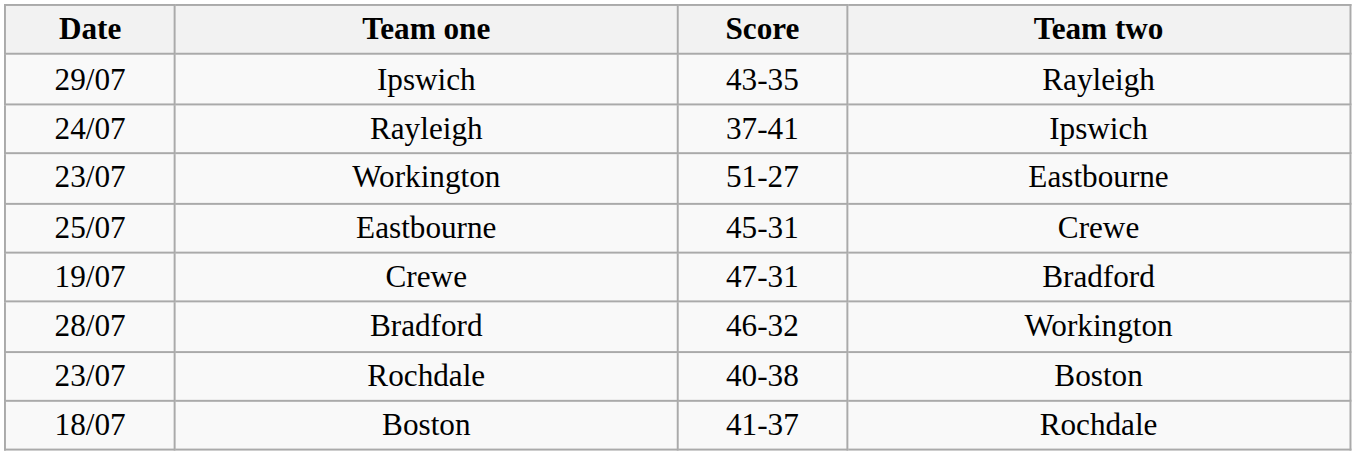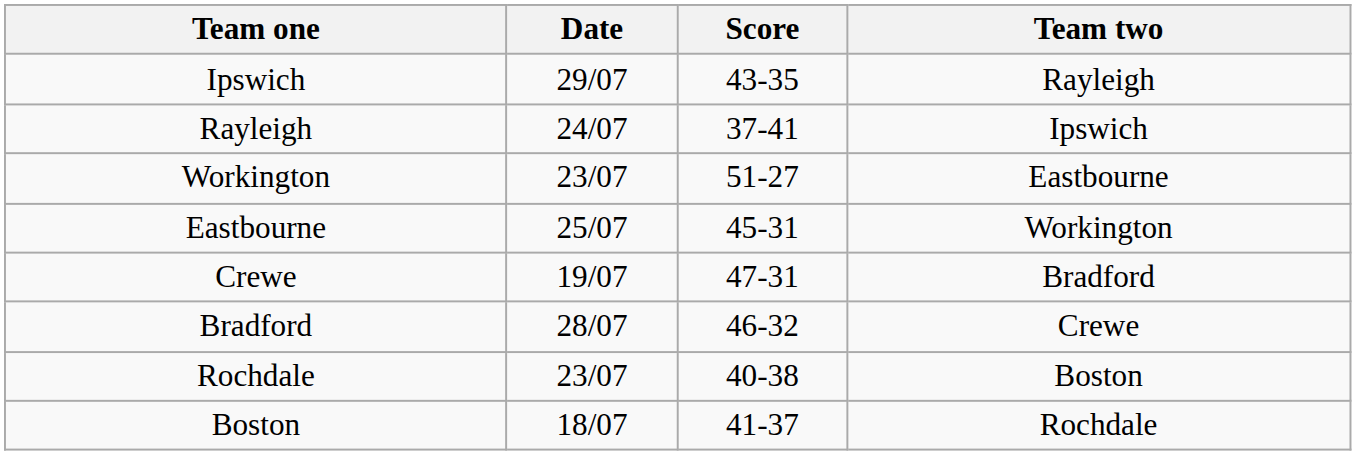 <table class="wikitable" style="text-align: center">
 <tr>
+<th width=250>Team one</th>
 <th width=80>Date</th>
-<th width=250>Team one</th>
 <th width=80>Score</th>
 <th width=250>Team two</th>
 </tr>
 <tr>
+<td>Ipswich</td>
 <td>29/07</td>
-<td>Ipswich</td>
 <td>43-35</td>
 <td>Rayleigh</td>
 </tr>
 <tr>
+<td>Rayleigh</td>
 <td>24/07</td>
-<td>Rayleigh</td>
 <td>37-41</td>
 <td>Ipswich</td>
 </tr>
 <tr>
+<td>Workington</td>
 <td>23/07</td>
-<td>Workington</td>
 <td>51-27</td>
 <td>Eastbourne</td>
 </tr>
 <tr>
+<td>Eastbourne</td>
 <td>25/07</td>
-<td>Eastbourne</td>
 <td>45-31</td>
-<td>Crewe</td>
+<td>Workington</td>
 </tr>
 <tr>
+<td>Crewe</td>
 <td>19/07</td>
-<td>Crewe</td>
 <td>47-31</td>
 <td>Bradford</td>
 </tr>
 <tr>
+<td>Bradford</td>
 <td>28/07</td>
-<td>Bradford</td>
 <td>46-32</td>
-<td>Workington</td>
+<td>Crewe</td>
 </tr>
 <tr>
+<td>Rochdale</td>
 <td>23/07</td>
-<td>Rochdale</td>
 <td>40-38</td>
 <td>Boston</td>
 </tr>
 <tr>
+<td>Boston</td>
 <td>18/07</td>
-<td>Boston</td>
 <td>41-37</td>
 <td>Rochdale</td>
 </tr>
 </table>
